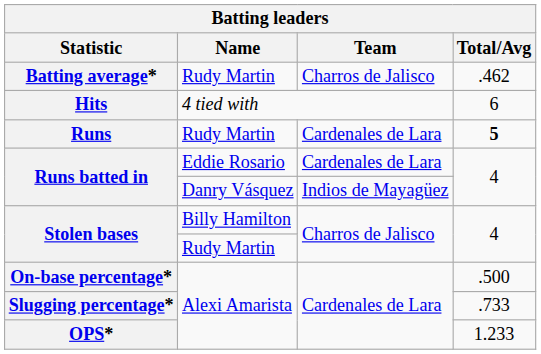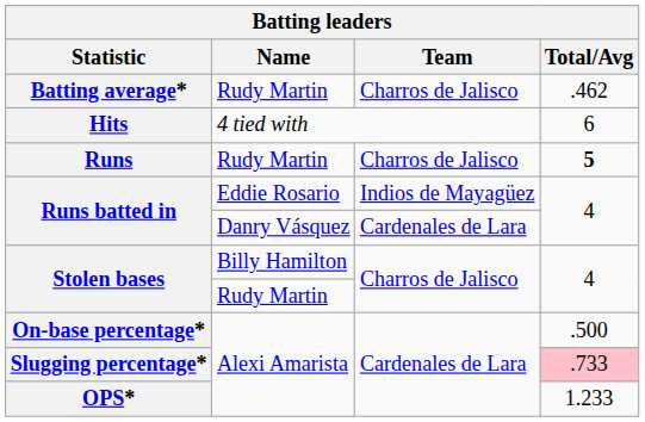 <table class="wikitable plainrowheaders">
 <tr>
 <th colspan="4">Batting leaders</th>
 </tr>
 <tr>
 <th scope="col">Statistic</th>
 <th scope="col">Name</th>
 <th scope="col">Team</th>
 <th scope="col">Total/Avg</th>
 </tr>
 <tr>
 <th scope="row"><a href='#'>Batting average</a>*</th>
 <td> <a href='#'>Rudy Martin</a></td>
 <td> <a href='#'>Charros de Jalisco</a></td>
 <td align=center>.462</td>
 </tr>
 <tr>
 <th scope="row"><a href='#'>Hits</a></th>
 <td colspan=2><em>4 tied with</em></td>
 <td align=center>6</td>
 </tr>
 <tr>
 <th scope="row"><a href='#'>Runs</a></th>
 <td> <a href='#'>Rudy Martin</a></td>
-<td> <a href='#'>Cardenales de Lara</a></td>
+<td> <a href='#'>Charros de Jalisco</a></td>
 <td align=center><strong>5</strong></td>
 </tr>
 <tr>
 <th rowspan="2" scope="row"><a href='#'>Runs batted in</a></th>
 <td> <a href='#'>Eddie Rosario</a></td>
-<td> <a href='#'>Cardenales de Lara</a></td>
+<td> <a href='#'>Indios de Mayagüez</a></td>
 <td rowspan="2" align="center">4</td>
 </tr>
 <tr>
 <td> <a href='#'>Danry Vásquez</a></td>
-<td> <a href='#'>Indios de Mayagüez</a></td>
+<td> <a href='#'>Cardenales de Lara</a></td>
 </tr>
 <tr>
 <th rowspan="2" scope="row"><a href='#'>Stolen bases</a></th>
 <td> <a href='#'>Billy Hamilton</a></td>
 <td rowspan="2"> <a href='#'>Charros de Jalisco</a></td>
 <td rowspan="2" align="center">4</td>
 </tr>
 <tr>
 <td> <a href='#'>Rudy Martin</a></td>
 </tr>
 <tr>
 <th scope="row"><a href='#'>On-base percentage</a>*</th>
 <td rowspan="3"> <a href='#'>Alexi Amarista</a></td>
 <td rowspan="3"> <a href='#'>Cardenales de Lara</a></td>
 <td align=center>.500</td>
 </tr>
 <tr>
 <th scope="row"><a href='#'>Slugging percentage</a>*</th>
-<td align="center">.733</td>
+<td align="center" style="background: pink;">.733</td>
 </tr>
 <tr>
 <th scope="row"><a href='#'>OPS</a>*</th>
 <td align="center">1.233</td>
 </tr>
 </table>
